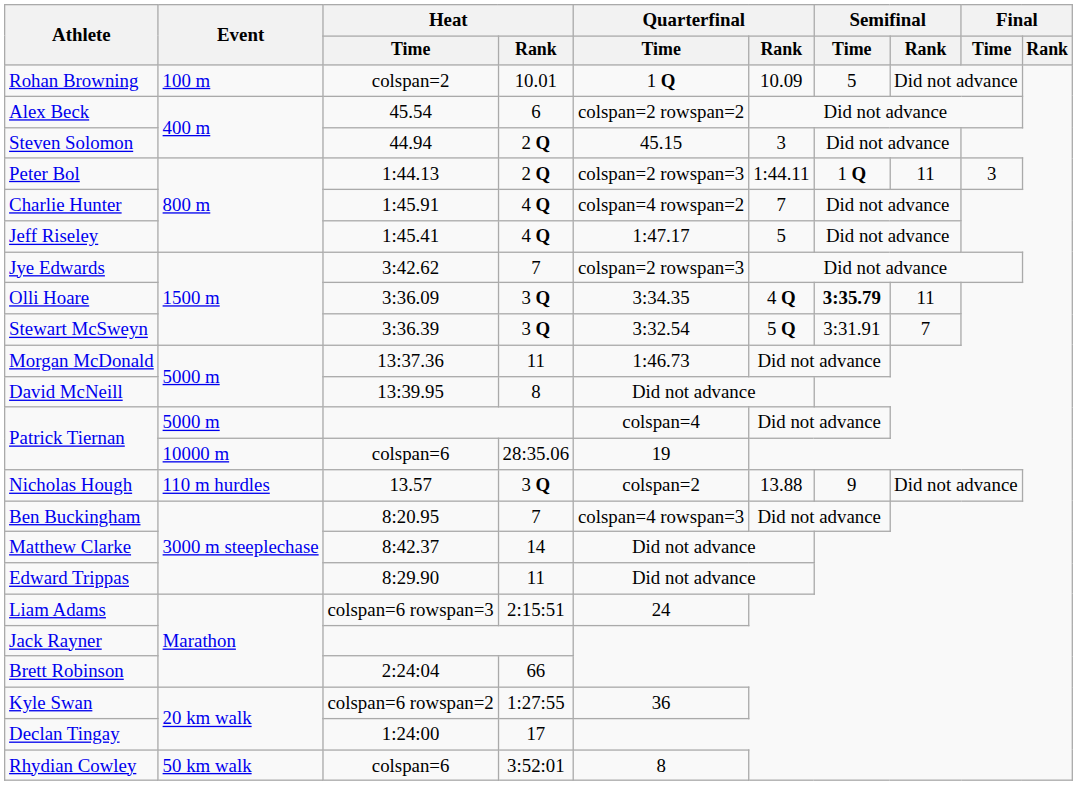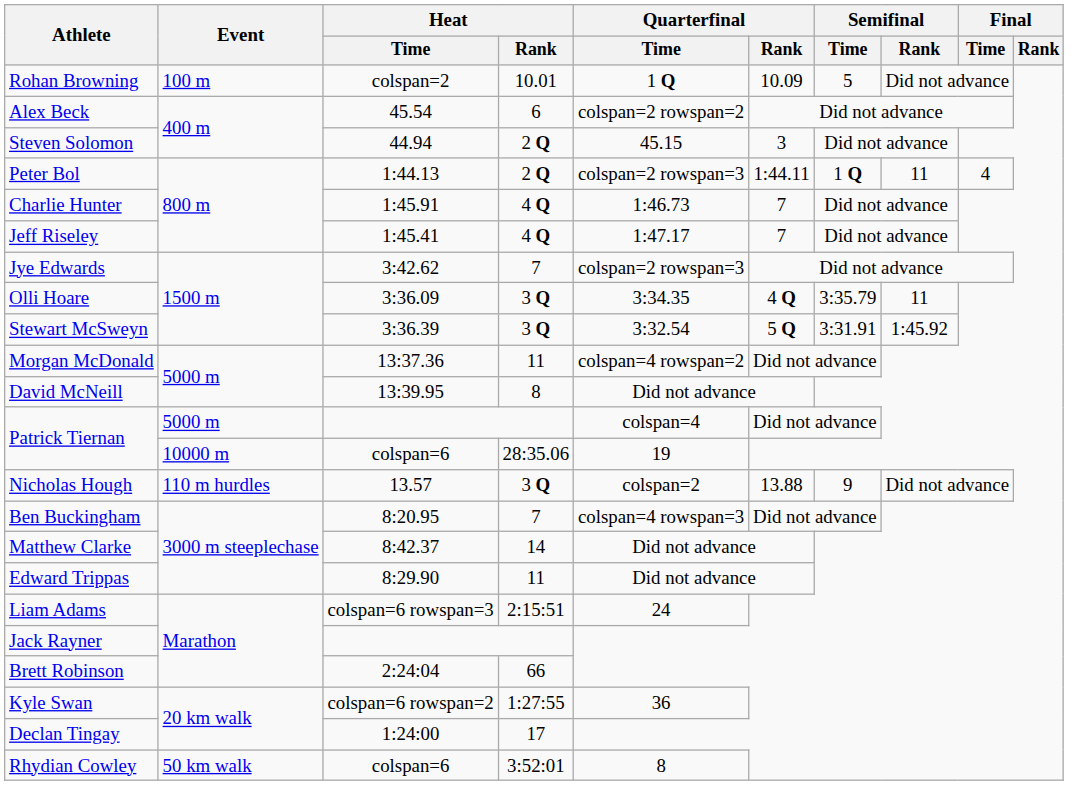 <table class=wikitable style=font-size:90%;text-align:center>
 <tr>
 <th rowspan=2>Athlete</th>
 <th rowspan=2>Event</th>
 <th colspan=2>Heat</th>
 <th colspan=2>Quarterfinal</th>
 <th colspan=2>Semifinal</th>
 <th colspan=2>Final</th>
 </tr>
 <tr style=font-size:95%>
 <th>Time</th>
 <th>Rank</th>
 <th>Time</th>
 <th>Rank</th>
 <th>Time</th>
 <th>Rank</th>
 <th>Time</th>
 <th>Rank</th>
 </tr>
 <tr>
 <td align=left><a href='#'>Rohan Browning</a></td>
 <td align=left><a href='#'>100 m</a></td>
 <td>colspan=2 </td>
 <td>10.01 <strong></strong></td>
 <td>1 <strong>Q</strong></td>
 <td>10.09</td>
 <td>5</td>
 <td colspan=2>Did not advance</td>
 </tr>
 <tr>
 <td align=left><a href='#'>Alex Beck</a></td>
 <td align=left rowspan=2><a href='#'>400 m</a></td>
 <td>45.54 <strong></strong></td>
 <td>6</td>
 <td>colspan=2 rowspan=2 </td>
 <td colspan=4>Did not advance</td>
 </tr>
 <tr>
 <td align=left><a href='#'>Steven Solomon</a></td>
 <td>44.94 <strong></strong></td>
 <td>2 <strong>Q</strong></td>
 <td>45.15</td>
 <td>3</td>
 <td colspan=2>Did not advance</td>
 </tr>
 <tr>
 <td align=left><a href='#'>Peter Bol</a></td>
 <td align=left rowspan=3><a href='#'>800 m</a></td>
 <td>1:44.13 <strong></strong></td>
 <td>2 <strong>Q</strong></td>
 <td>colspan=2 rowspan=3 </td>
 <td>1:44.11 <strong></strong></td>
 <td>1 <strong>Q</strong></td>
 <td>11</td>
-<td>3</td>
+<td>4</td>
 </tr>
 <tr>
 <td align=left><a href='#'>Charlie Hunter</a></td>
 <td>1:45.91</td>
 <td>4 <strong>Q</strong></td>
-<td>colspan=4 rowspan=2 </td>
+<td>1:46.73</td>
 <td>7</td>
 <td colspan=2>Did not advance</td>
 </tr>
 <tr>
 <td align=left><a href='#'>Jeff Riseley</a></td>
 <td>1:45.41</td>
 <td>4 <strong>Q</strong></td>
 <td>1:47.17</td>
-<td>5</td>
+<td>7</td>
 <td colspan=2>Did not advance</td>
 </tr>
 <tr>
 <td align=left><a href='#'>Jye Edwards</a></td>
 <td align=left rowspan=3><a href='#'>1500 m</a></td>
 <td>3:42.62</td>
 <td>7</td>
 <td>colspan=2 rowspan=3 </td>
 <td colspan=4>Did not advance</td>
 </tr>
 <tr>
 <td align=left><a href='#'>Olli Hoare</a></td>
 <td>3:36.09</td>
 <td>3 <strong>Q</strong></td>
 <td>3:34.35</td>
 <td>4 <strong>Q</strong></td>
-<td><strong>3:35.79</strong></td>
+<td>3:35.79</td>
 <td>11</td>
 </tr>
 <tr>
 <td align=left><a href='#'>Stewart McSweyn</a></td>
 <td>3:36.39</td>
 <td>3 <strong>Q</strong></td>
 <td>3:32.54</td>
 <td>5 <strong>Q</strong></td>
 <td>3:31.91</td>
-<td>7</td>
+<td>1:45.92</td>
 </tr>
 <tr>
 <td align=left><a href='#'>Morgan McDonald</a></td>
 <td align=left rowspan=2><a href='#'>5000 m</a></td>
 <td>13:37.36</td>
 <td>11</td>
-<td>1:46.73</td>
+<td>colspan=4 rowspan=2 </td>
 <td colspan=2>Did not advance</td>
 </tr>
 <tr>
 <td align=left><a href='#'>David McNeill</a></td>
 <td>13:39.95</td>
 <td>8</td>
 <td colspan=2>Did not advance</td>
 </tr>
 <tr>
 <td align=left rowspan=2><a href='#'>Patrick Tiernan</a></td>
 <td align=left><a href='#'>5000 m</a></td>
 <td colspan=2></td>
 <td>colspan=4 </td>
 <td colspan=2>Did not advance</td>
 </tr>
 <tr>
 <td align=left><a href='#'>10000 m</a></td>
 <td>colspan=6 </td>
 <td>28:35.06 <strong></strong></td>
 <td>19</td>
 </tr>
 <tr>
 <td align=left><a href='#'>Nicholas Hough</a></td>
 <td align=left><a href='#'>110 m hurdles</a></td>
 <td>13.57</td>
 <td>3 <strong>Q</strong></td>
 <td>colspan=2 </td>
 <td>13.88</td>
 <td>9</td>
 <td colspan=2>Did not advance</td>
 </tr>
 <tr>
 <td align=left><a href='#'>Ben Buckingham</a></td>
 <td align=left rowspan=3><a href='#'>3000 m steeplechase</a></td>
 <td>8:20.95 <strong></strong></td>
 <td>7</td>
 <td>colspan=4 rowspan=3 </td>
 <td colspan=2>Did not advance</td>
 </tr>
 <tr>
 <td align=left><a href='#'>Matthew Clarke</a></td>
 <td>8:42.37</td>
 <td>14</td>
 <td colspan=2>Did not advance</td>
 </tr>
 <tr>
 <td align=left><a href='#'>Edward Trippas</a></td>
 <td>8:29.90</td>
 <td>11</td>
 <td colspan=2>Did not advance</td>
 </tr>
 <tr>
 <td align=left><a href='#'>Liam Adams</a></td>
 <td align=left rowspan=3><a href='#'>Marathon</a></td>
 <td>colspan=6 rowspan=3 </td>
 <td>2:15:51 <strong></strong></td>
 <td>24</td>
 </tr>
 <tr>
 <td align=left><a href='#'>Jack Rayner</a></td>
 <td colspan=2></td>
 </tr>
 <tr>
 <td align=left><a href='#'>Brett Robinson</a></td>
 <td>2:24:04 <strong></strong></td>
 <td>66</td>
 </tr>
 <tr>
 <td align=left><a href='#'>Kyle Swan</a></td>
 <td align=left rowspan=2><a href='#'>20 km walk</a></td>
 <td>colspan=6 rowspan=2 </td>
 <td>1:27:55</td>
 <td>36</td>
 </tr>
 <tr>
 <td align=left><a href='#'>Declan Tingay</a></td>
 <td>1:24:00 <strong></strong></td>
 <td>17</td>
 </tr>
 <tr>
 <td align=left><a href='#'>Rhydian Cowley</a></td>
 <td align=left><a href='#'>50 km walk</a></td>
 <td>colspan=6 </td>
 <td>3:52:01 <strong></strong></td>
 <td>8</td>
 </tr>
 </table>
